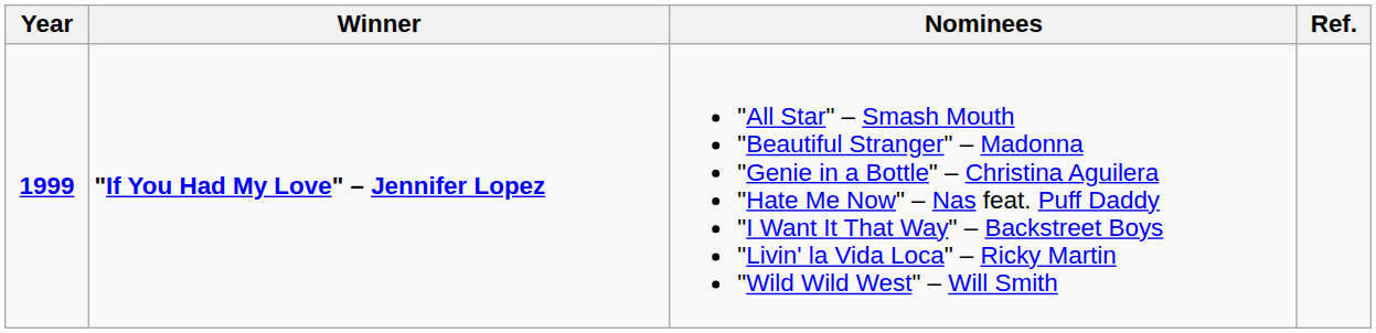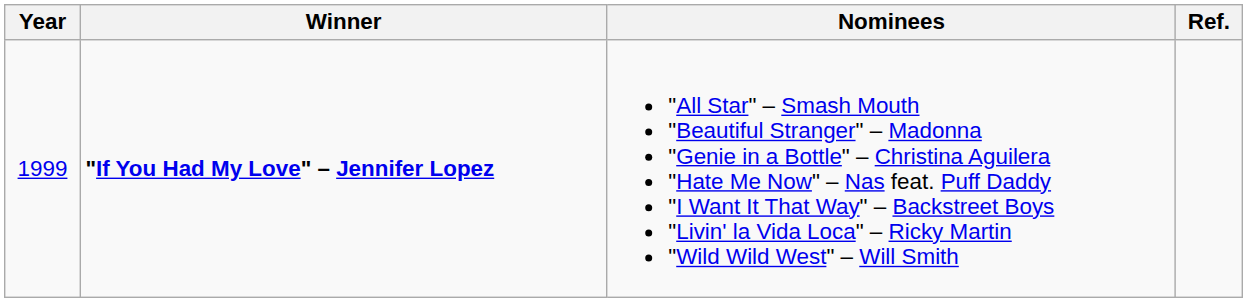 <table class="wikitable" width=70%>
 <tr>
 <th>Year</th>
 <th>Winner</th>
 <th>Nominees</th>
 <th>Ref.</th>
 </tr>
 <tr>
-<td align="center"><strong><a href='#'>1999</a></strong></td>
+<td align="center"><a href='#'>1999</a></td>
 <td><strong>"<a href='#'>If You Had My Love</a>" – <a href='#'>Jennifer Lopez</a></strong></td>
 <td><br><ul><li>"<a href='#'>All Star</a>" – <a href='#'>Smash Mouth</a></li><li>"<a href='#'>Beautiful Stranger</a>" – <a href='#'>Madonna</a></li><li>"<a href='#'>Genie in a Bottle</a>" – <a href='#'>Christina Aguilera</a></li><li>"<a href='#'>Hate Me Now</a>" – <a href='#'>Nas</a> feat. <a href='#'>Puff Daddy</a></li><li>"<a href='#'>I Want It That Way</a>" – <a href='#'>Backstreet Boys</a></li><li>"<a href='#'>Livin' la Vida Loca</a>" – <a href='#'>Ricky Martin</a></li><li>"<a href='#'>Wild Wild West</a>" – <a href='#'>Will Smith</a></li></ul></td>
 <td align="center"></td>
 </tr>
 </table>
